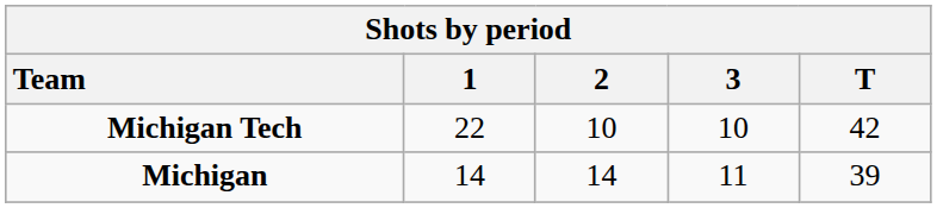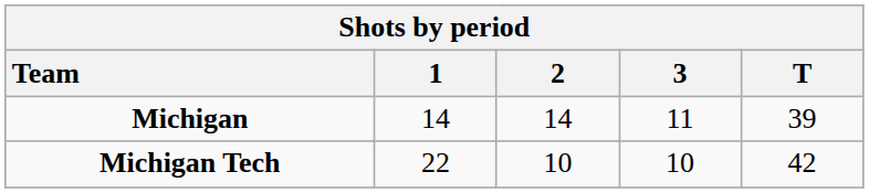 <table class="wikitable" style="width:30em; text-align:right;">
 <tr>
 <th colspan=5>Shots by period</th>
 </tr>
 <tr>
 <th style="width:10em; text-align:left;">Team</th>
 <th style="width:3em;">1</th>
 <th style="width:3em;">2</th>
 <th style="width:3em;">3</th>
 <th style="width:3em;">T</th>
 </tr>
 <tr>
+<td align=center><strong>Michigan</strong></td>
+<td align=center>14</td>
+<td align=center>14</td>
+<td align=center>11</td>
+<td align=center>39</td>
+</tr>
+<tr>
 <td align=center><strong>Michigan Tech</strong></td>
 <td align=center>22</td>
 <td align=center>10</td>
 <td align=center>10</td>
 <td align=center>42</td>
 </tr>
-<tr>
-<td align=center><strong>Michigan</strong></td>
-<td align=center>14</td>
-<td align=center>14</td>
-<td align=center>11</td>
-<td align=center>39</td>
-</tr>
 </table>
